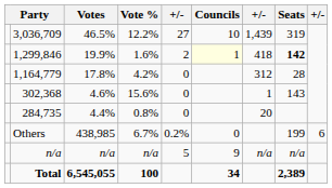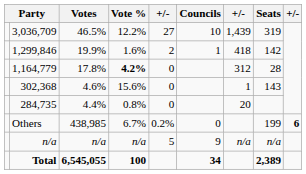 <table class="wikitable" style="text-align:right;font-size:95%;">
 <tr>
 <th colspan="2">Party</th>
 <th scope="col">Votes</th>
 <th scope="col">Vote %</th>
 <th scope="col">+/-</th>
 <th scope="col">Councils</th>
 <th scope="col">+/-</th>
 <th scope="col">Seats</th>
 <th scope="col">+/-</th>
 </tr>
 <tr>
 <td></td>
 <td>3,036,709</td>
 <td>46.5%</td>
 <td>12.2%</td>
 <td>27</td>
 <td>10</td>
 <td>1,439</td>
 <td>319</td>
 </tr>
 <tr>
 <td></td>
 <td>1,299,846</td>
 <td>19.9%</td>
 <td>1.6%</td>
 <td>2</td>
-<td style="background: lightyellow;">1</td>
+<td>1</td>
 <td>418</td>
-<td><strong>142</strong></td>
+<td>142</td>
 </tr>
 <tr>
 <td></td>
 <td>1,164,779</td>
 <td>17.8%</td>
-<td>4.2%</td>
+<td><strong>4.2%</strong></td>
 <td>0</td>
 <td></td>
 <td>312</td>
 <td>28</td>
 </tr>
 <tr>
 <td></td>
 <td>302,368</td>
 <td>4.6%</td>
 <td>15.6%</td>
 <td>0</td>
 <td></td>
 <td>1</td>
 <td>143</td>
 </tr>
 <tr>
 <td></td>
 <td>284,735</td>
 <td>4.4%</td>
 <td>0.8%</td>
 <td>0</td>
 <td></td>
 <td>20</td>
 <td></td>
 </tr>
 <tr>
 <td></td>
 <td style="text-align:left;">Others</td>
 <td>438,985</td>
 <td>6.7%</td>
 <td>0.2%</td>
 <td>0</td>
 <td></td>
 <td>199</td>
-<td>6</td>
+<td><strong>6</strong></td>
 </tr>
 <tr>
 <td></td>
 <td><em>n/a</em></td>
 <td><em>n/a</em></td>
 <td><em>n/a</em></td>
 <td>5</td>
 <td>9</td>
 <td><em>n/a</em></td>
 <td><em>n/a</em></td>
 </tr>
 <tr>
 <td></td>
 <td><strong>Total</strong></td>
 <td><strong>6,545,055</strong></td>
 <td><strong>100</strong></td>
 <td></td>
 <td><strong>34</strong></td>
 <td></td>
 <td><strong>2,389</strong></td>
 <td></td>
 </tr>
 </table>
